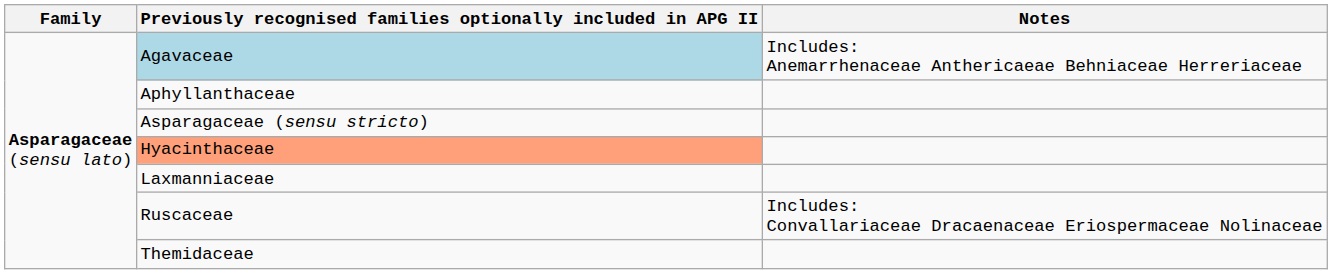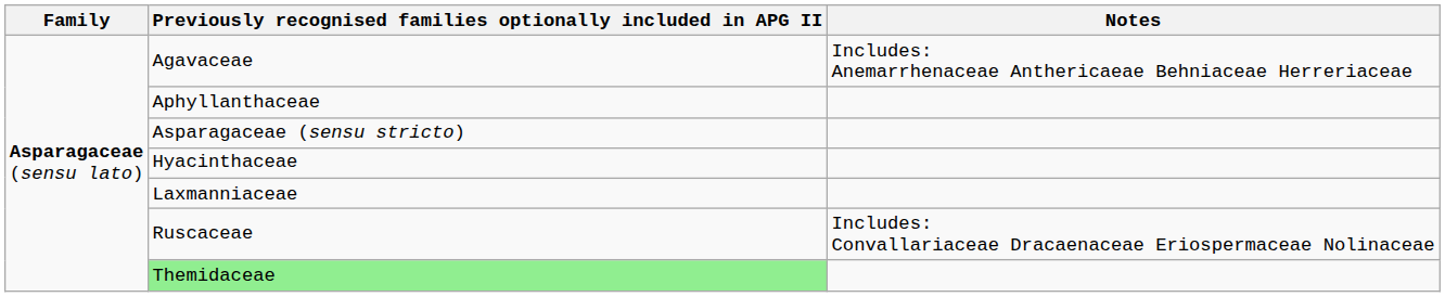 <table class="wikitable">
 <tr>
 <th>Family</th>
 <th>Previously recognised families optionally included in APG II</th>
 <th>Notes</th>
 </tr>
 <tr>
 <td rowspan="7"><strong>Asparagaceae</strong><br>(<em>sensu lato</em>)</td>
-<td style="background: lightblue;">Agavaceae</td>
+<td>Agavaceae</td>
 <td>Includes:<br>Anemarrhenaceae Anthericaeae Behniaceae Herreriaceae</td>
 </tr>
 <tr>
 <td>Aphyllanthaceae</td>
 <td></td>
 </tr>
 <tr>
 <td>Asparagaceae (<em>sensu stricto</em>)</td>
 <td></td>
 </tr>
 <tr>
-<td style="background: lightsalmon;">Hyacinthaceae</td>
+<td>Hyacinthaceae</td>
 <td></td>
 </tr>
 <tr>
 <td>Laxmanniaceae</td>
 <td></td>
 </tr>
 <tr>
 <td>Ruscaceae</td>
 <td>Includes:<br>Convallariaceae Dracaenaceae Eriospermaceae Nolinaceae</td>
 </tr>
 <tr>
-<td>Themidaceae</td>
+<td style="background: lightgreen;">Themidaceae</td>
 <td></td>
 </tr>
 </table>
